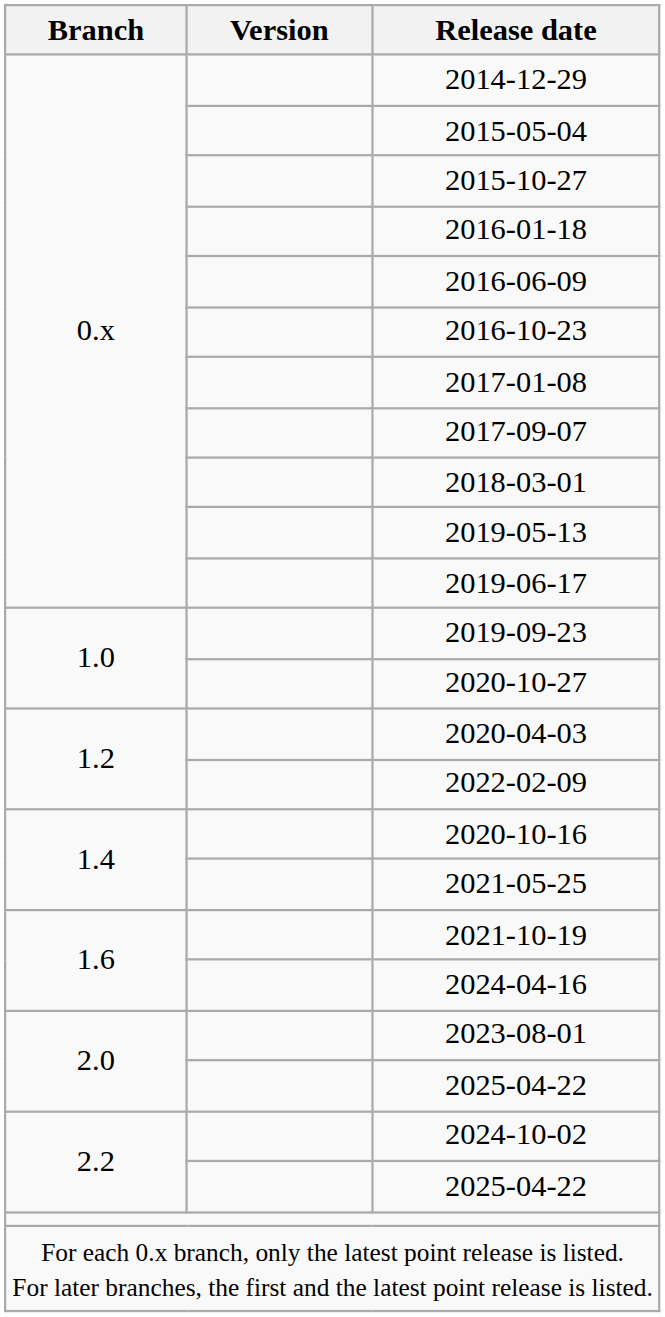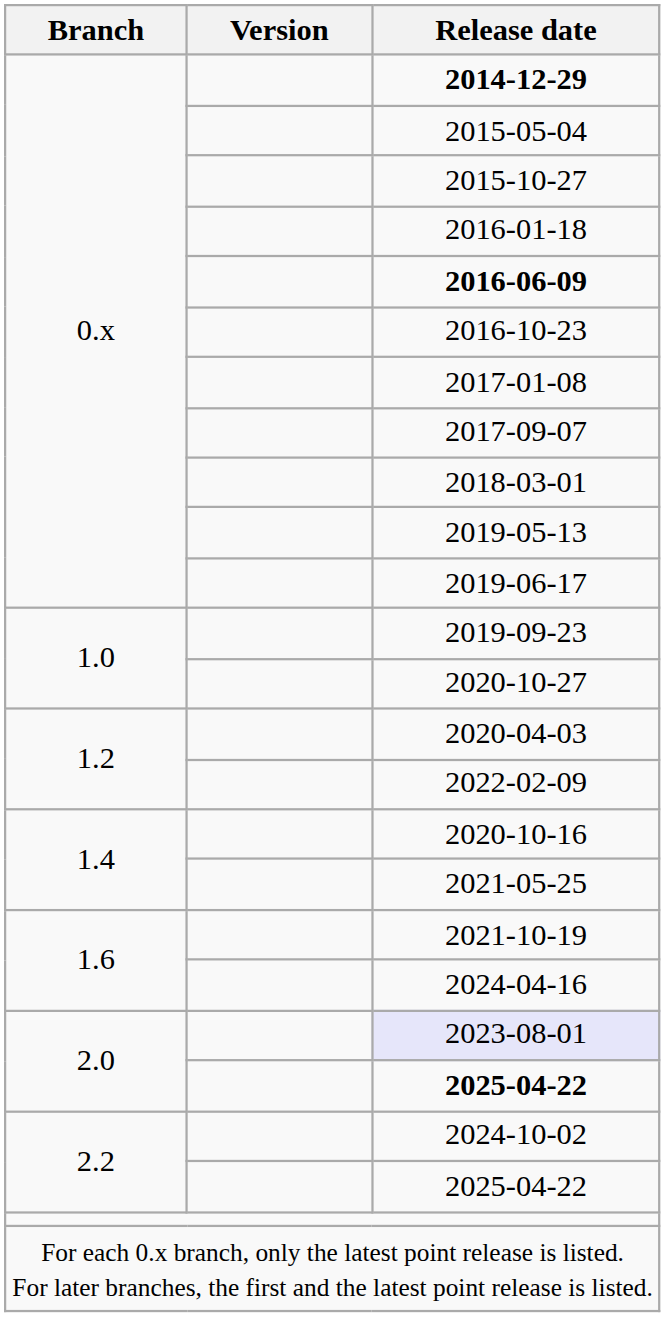 <table class="wikitable floatright" style="text-align:center; font-size: 85%;">
 <tr>
 <th>Branch</th>
 <th>Version</th>
 <th>Release date</th>
 </tr>
 <tr>
 <td rowspan="11">0.x</td>
 <td></td>
-<td>2014-12-29</td>
+<td><strong>2014-12-29</strong></td>
 </tr>
 <tr>
 <td></td>
 <td>2015-05-04</td>
 </tr>
 <tr>
 <td></td>
 <td>2015-10-27</td>
 </tr>
 <tr>
 <td></td>
 <td>2016-01-18</td>
 </tr>
 <tr>
 <td></td>
-<td>2016-06-09</td>
+<td><strong>2016-06-09</strong></td>
 </tr>
 <tr>
 <td></td>
 <td>2016-10-23</td>
 </tr>
 <tr>
 <td></td>
 <td>2017-01-08</td>
 </tr>
 <tr>
 <td></td>
 <td>2017-09-07</td>
 </tr>
 <tr>
 <td></td>
 <td>2018-03-01</td>
 </tr>
 <tr>
 <td></td>
 <td>2019-05-13</td>
 </tr>
 <tr>
 <td></td>
 <td>2019-06-17</td>
 </tr>
 <tr>
 <td rowspan="2">1.0</td>
 <td></td>
 <td>2019-09-23</td>
 </tr>
 <tr>
 <td></td>
 <td>2020-10-27</td>
 </tr>
 <tr>
 <td rowspan="2">1.2</td>
 <td></td>
 <td>2020-04-03</td>
 </tr>
 <tr>
 <td></td>
 <td>2022-02-09</td>
 </tr>
 <tr>
 <td rowspan="2">1.4</td>
 <td></td>
 <td>2020-10-16</td>
 </tr>
 <tr>
 <td></td>
 <td>2021-05-25</td>
 </tr>
 <tr>
 <td rowspan="2">1.6</td>
 <td></td>
 <td>2021-10-19</td>
 </tr>
 <tr>
 <td></td>
 <td>2024-04-16</td>
 </tr>
 <tr>
 <td rowspan="2">2.0</td>
 <td></td>
-<td>2023-08-01</td>
+<td style="background: lavender;">2023-08-01</td>
 </tr>
 <tr>
 <td></td>
-<td>2025-04-22</td>
+<td><strong>2025-04-22</strong></td>
 </tr>
 <tr>
 <td rowspan="2">2.2</td>
 <td></td>
 <td>2024-10-02</td>
 </tr>
 <tr>
 <td></td>
 <td>2025-04-22</td>
 </tr>
 <tr>
 <td colspan="3"></td>
 </tr>
 <tr>
 <td colspan="3"><small>For each 0.x branch, only the latest point release is listed. <br>For later branches, the first and the latest point release is listed. </small></td>
 </tr>
 </table>
